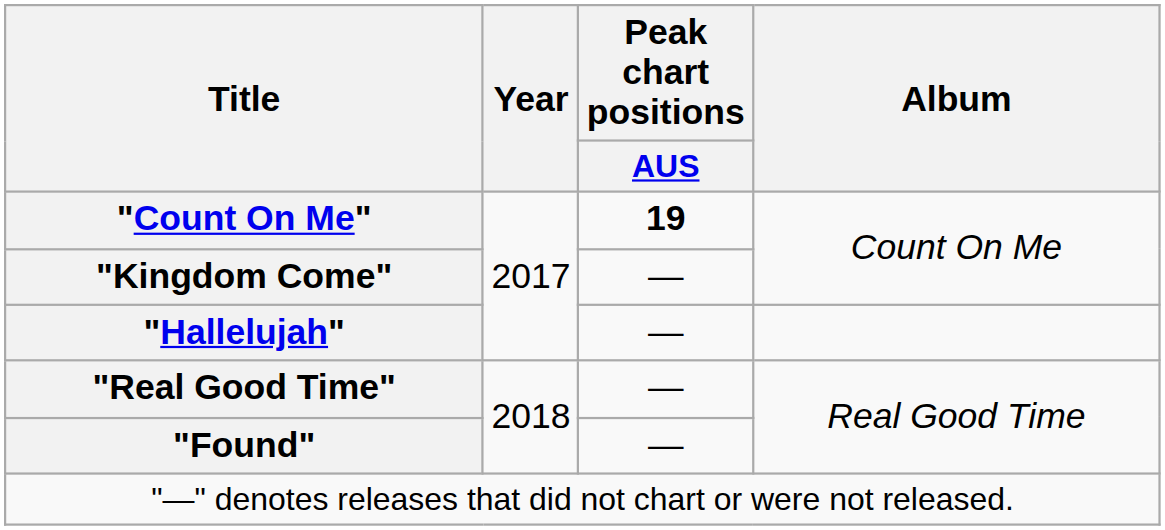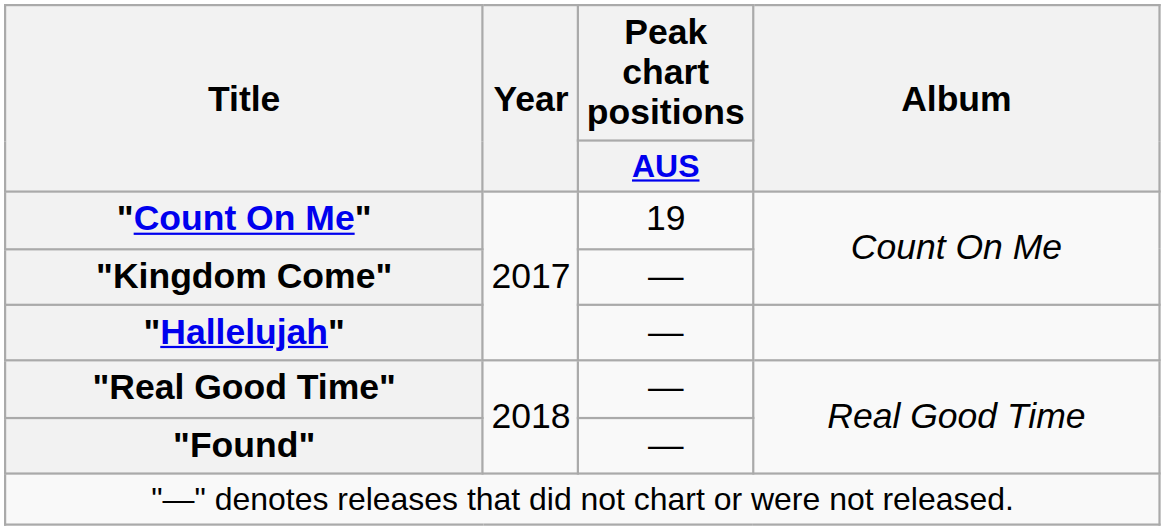 <table class="wikitable plainrowheaders" style="text-align:center;">
 <tr>
 <th scope="col" rowspan="2" style="width:13em;">Title</th>
 <th scope="col" rowspan="2" style="width:1em;">Year</th>
 <th scope="col" colspan="1">Peak chart positions</th>
 <th scope="col" rowspan="2" style="width:11em;">Album</th>
 </tr>
 <tr>
 <th scope="col" style="width:3em;font-size:90%;"><a href='#'>AUS</a><br></th>
 </tr>
 <tr>
 <th scope="row">"<a href='#'>Count On Me</a>"</th>
 <td rowspan="3">2017</td>
-<td><strong>19</strong></td>
+<td>19</td>
 <td rowspan="2"><em>Count On Me</em></td>
 </tr>
 <tr>
 <th scope="row">"Kingdom Come"</th>
 <td>—</td>
 </tr>
 <tr>
 <th scope="row">"<a href='#'>Hallelujah</a>"</th>
 <td>—</td>
 <td></td>
 </tr>
 <tr>
 <th scope="row">"Real Good Time"</th>
 <td rowspan="2">2018</td>
 <td>—</td>
 <td rowspan="2"><em>Real Good Time</em></td>
 </tr>
 <tr>
 <th scope="row">"Found"</th>
 <td>—</td>
 </tr>
 <tr>
 <td colspan="6" style="font-size:90%">"—" denotes releases that did not chart or were not released.</td>
 </tr>
 </table>
